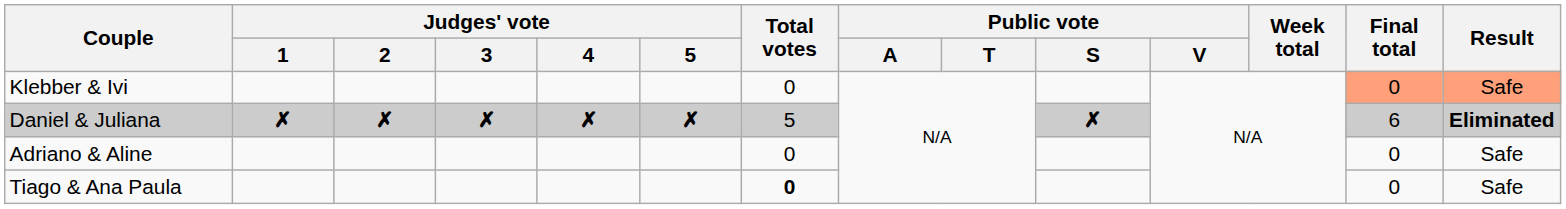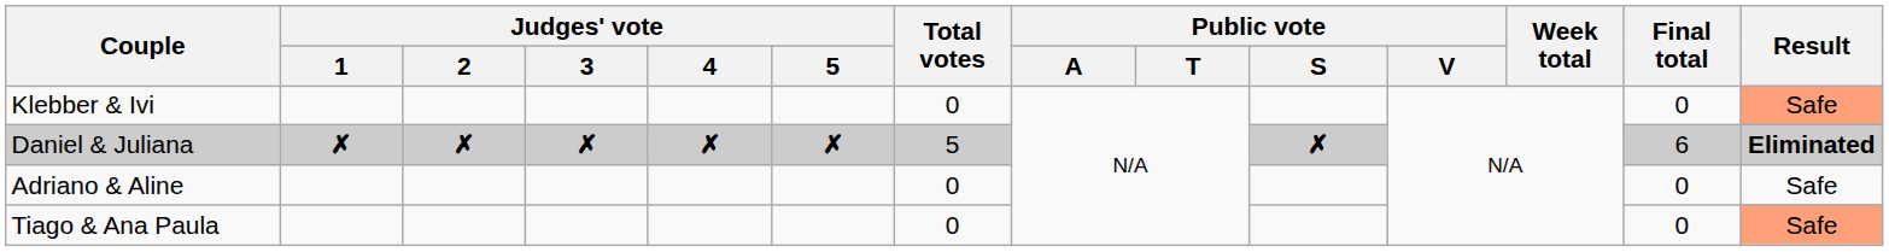 <table class="wikitable" style="font-size:90%; line-height:16px; text-align:center" width="85%">
 <tr>
 <th rowspan=2 width=150>Couple</th>
 <th colspan=5 width=185>Judges' vote</th>
 <th rowspan=2 width=060>Total votes</th>
 <th colspan=4 width=148>Public vote</th>
 <th rowspan=2 width=060>Week total</th>
 <th rowspan=2 width=060>Final total</th>
 <th rowspan=2 width=075>Result</th>
 </tr>
 <tr>
 <th>1</th>
 <th>2</th>
 <th>3</th>
 <th>4</th>
 <th>5</th>
 <th>A</th>
 <th>T</th>
 <th>S</th>
 <th>V</th>
 </tr>
 <tr>
 <td align="left">Klebber & Ivi</td>
 <td></td>
 <td></td>
 <td></td>
 <td></td>
 <td></td>
 <td>0</td>
 <td rowspan=4 colspan=2><small>N/A</small></td>
 <td></td>
 <td rowspan=4 colspan=2><small>N/A</small></td>
-<td style="background: lightsalmon;">0</td>
+<td>0</td>
 <td style="background: lightsalmon;">Safe</td>
 </tr>
 <tr bgcolor="CCCCCC">
 <td align="left">Daniel & Juliana</td>
 <td><strong>✗</strong></td>
 <td><strong>✗</strong></td>
 <td><strong>✗</strong></td>
 <td><strong>✗</strong></td>
 <td><strong>✗</strong></td>
 <td>5</td>
 <td><strong>✗</strong></td>
 <td>6</td>
 <td><strong>Eliminated</strong></td>
 </tr>
 <tr>
 <td align="left">Adriano & Aline</td>
 <td></td>
 <td></td>
 <td></td>
 <td></td>
 <td></td>
 <td>0</td>
 <td></td>
 <td>0</td>
 <td>Safe</td>
 </tr>
 <tr>
 <td align="left">Tiago & Ana Paula</td>
 <td></td>
 <td></td>
 <td></td>
 <td></td>
 <td></td>
-<td><strong>0</strong></td>
+<td>0</td>
 <td></td>
 <td>0</td>
-<td>Safe</td>
+<td style="background: lightsalmon;">Safe</td>
 </tr>
 </table>
